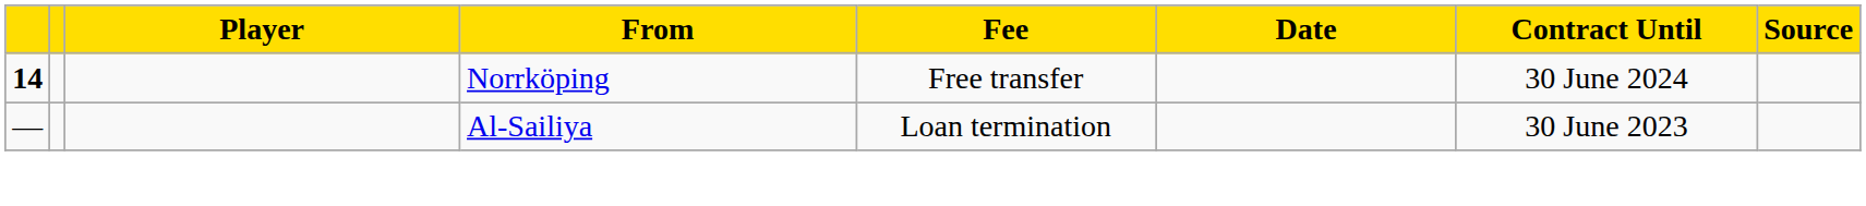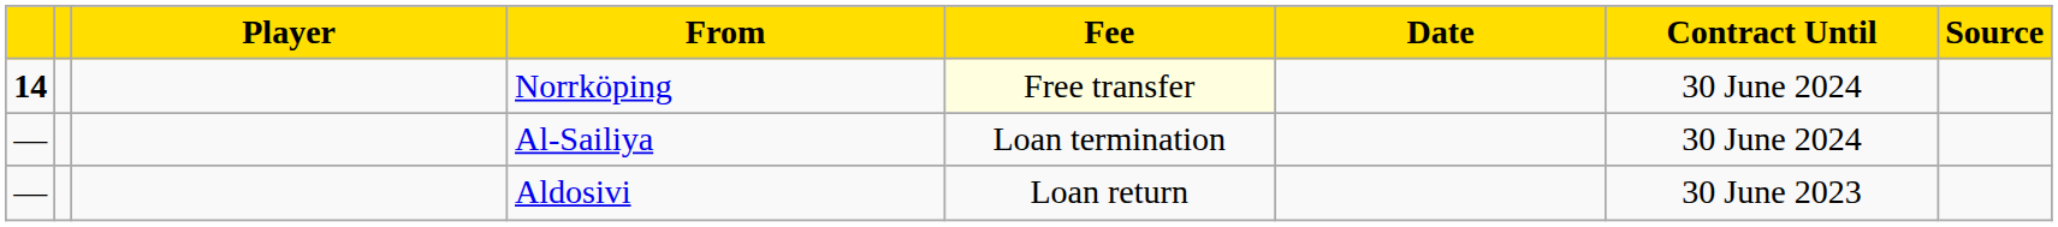 <table class="wikitable sortable">
 <tr>
 <th style="background:#FFDE00"></th>
 <th style="background:#FFDE00"></th>
 <th width=200 style="background:#FFDE00">Player</th>
 <th width=200 style="background:#FFDE00">From</th>
 <th width=150 style="background:#FFDE00">Fee</th>
 <th width=150 style="background:#FFDE00">Date</th>
 <th width=150 style="background:#FFDE00">Contract Until</th>
 <th style="background:#FFDE00">Source</th>
 </tr>
 <tr>
 <td align=center><strong>14</strong></td>
 <td align=center></td>
 <td></td>
 <td> <a href='#'>Norrköping</a></td>
-<td align=center>Free transfer</td>
+<td align=center style="background: lightyellow;">Free transfer</td>
 <td align=center></td>
 <td align=center>30 June 2024</td>
 <td align=center></td>
 </tr>
 <tr>
 <td align=center>—</td>
 <td align=center></td>
 <td></td>
 <td> <a href='#'>Al-Sailiya</a></td>
 <td align=center>Loan termination</td>
 <td align=center></td>
+<td align=center>30 June 2024</td>
+<td align=center></td>
+</tr>
+<tr>
+<td align=center>—</td>
+<td align=center></td>
+<td></td>
+<td> <a href='#'>Aldosivi</a></td>
+<td align=center>Loan return</td>
+<td align=center></td>
 <td align=center>30 June 2023</td>
 <td align=center></td>
 </tr>
 </table>
